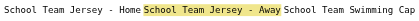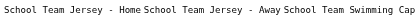 <table>
 <tr>
 <td></td>
 <td></td>
 <td></td>
 </tr>
 <tr>
 <td>School Team Jersey - Home</td>
-<td style="background: khaki;">School Team Jersey - Away</td>
+<td>School Team Jersey - Away</td>
 <td>School Team Swimming Cap</td>
 </tr>
 </table>
